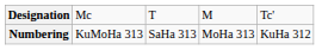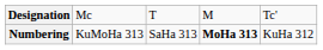 <table class="wikitable">
 <tr>
 <th>Designation</th>
 <td>Mc</td>
 <td>T</td>
 <td>M</td>
 <td>Tc'</td>
 </tr>
 <tr>
 <th>Numbering</th>
 <td>KuMoHa 313</td>
 <td>SaHa 313</td>
-<td>MoHa 313</td>
+<td><strong>MoHa 313</strong></td>
 <td>KuHa 312</td>
 </tr>
 </table>
